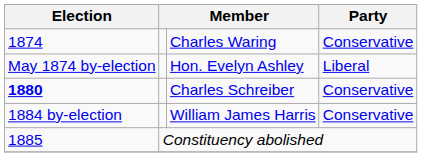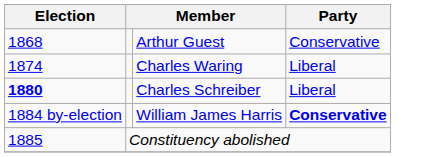 <table class="wikitable">
 <tr>
 <th>Election</th>
 <th colspan="2">Member</th>
 <th>Party</th>
 </tr>
 <tr>
+<td><a href='#'>1868</a></td>
+<td style="color:inherit;background-color: "></td>
+<td><a href='#'>Arthur Guest</a></td>
+<td><a href='#'>Conservative</a></td>
+</tr>
+<tr>
 <td><a href='#'>1874</a></td>
 <td style="color:inherit;background-color: "></td>
 <td><a href='#'>Charles Waring</a></td>
-<td><a href='#'>Conservative</a></td>
-</tr>
-<tr>
-<td><a href='#'>May 1874 by-election</a></td>
-<td style="color:inherit;background-color: "></td>
-<td><a href='#'>Hon. Evelyn Ashley</a></td>
 <td><a href='#'>Liberal</a></td>
 </tr>
 <tr>
 <td><strong><a href='#'>1880</a></strong></td>
 <td style="color:inherit;background-color: "></td>
 <td><a href='#'>Charles Schreiber</a></td>
-<td><a href='#'>Conservative</a></td>
+<td><a href='#'>Liberal</a></td>
 </tr>
 <tr>
 <td><a href='#'>1884 by-election</a></td>
 <td style="color:inherit;background-color: "></td>
 <td><a href='#'>William James Harris</a></td>
-<td><a href='#'>Conservative</a></td>
+<td><strong><a href='#'>Conservative</a></strong></td>
 </tr>
 <tr>
 <td><a href='#'>1885</a></td>
 <td colspan="3"><em>Constituency abolished</em></td>
 </tr>
 <tr>
 </tr>
 </table>
